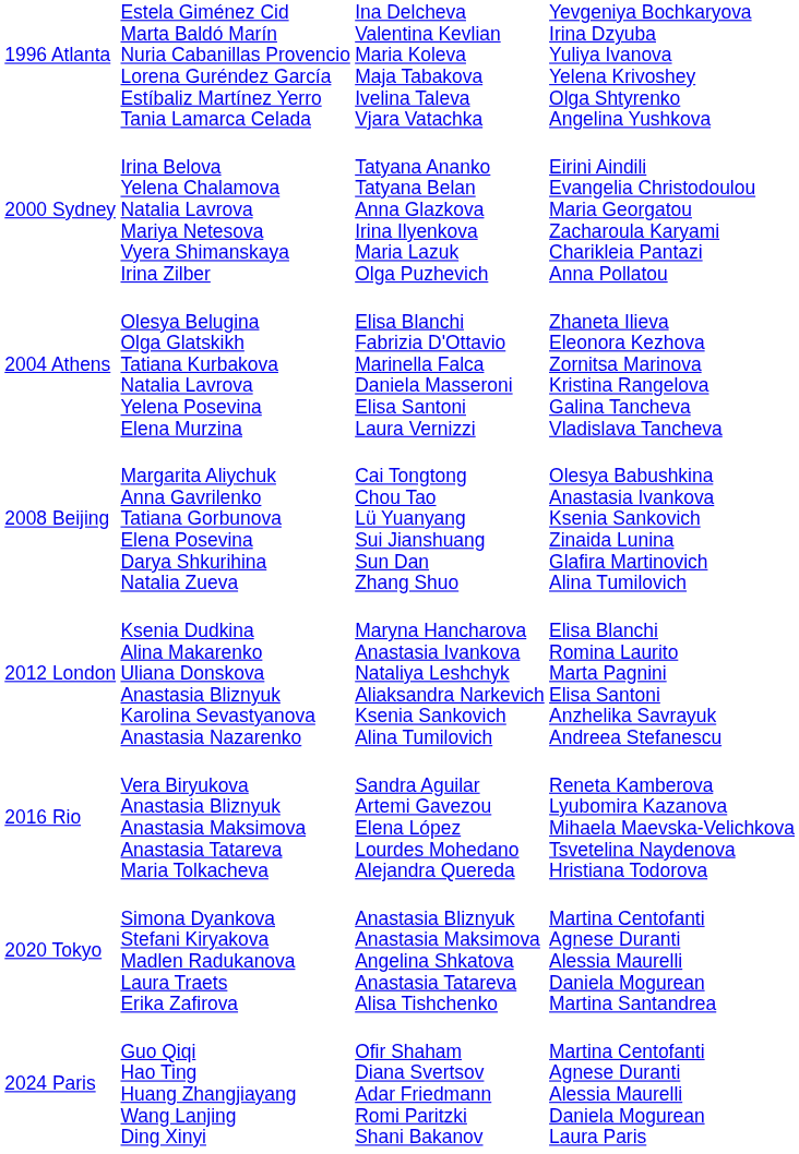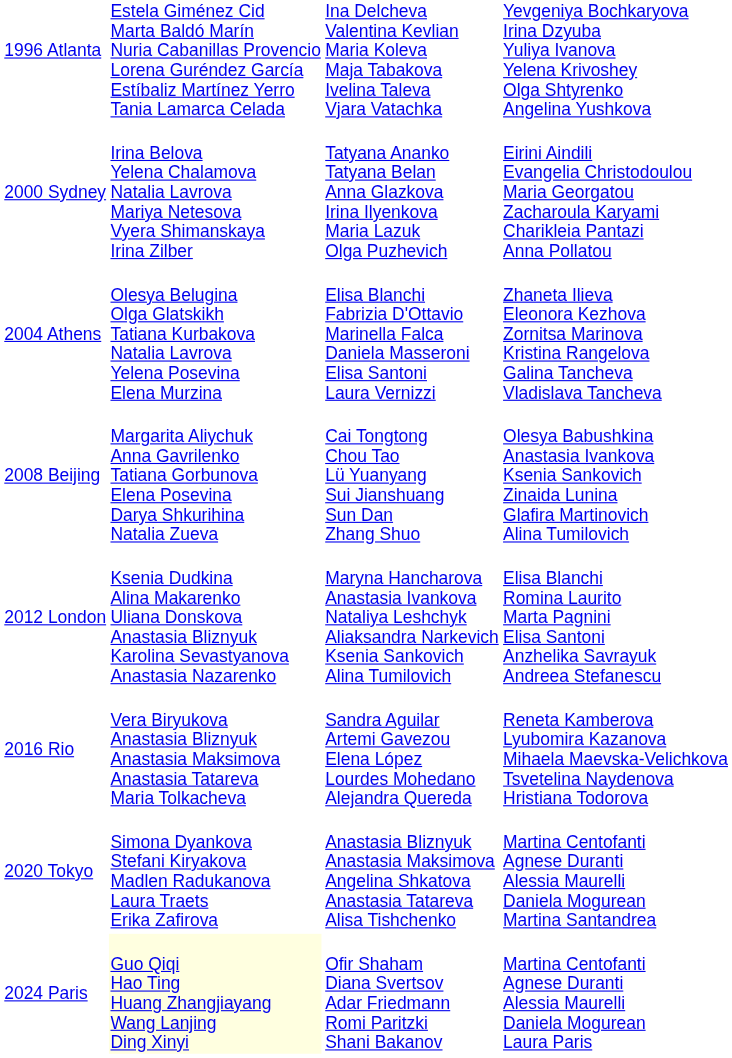 <table>
 <tr>
 <td><a href='#'>1996 Atlanta</a><br></td>
 <td><br><a href='#'>Estela Giménez Cid</a><br><a href='#'>Marta Baldó Marín</a><br><a href='#'>Nuria Cabanillas Provencio</a><br><a href='#'>Lorena Guréndez García</a><br><a href='#'>Estíbaliz Martínez Yerro</a><br><a href='#'>Tania Lamarca Celada</a></td>
 <td><br><a href='#'>Ina Delcheva</a><br><a href='#'>Valentina Kevlian</a><br><a href='#'>Maria Koleva</a><br><a href='#'>Maja Tabakova</a><br><a href='#'>Ivelina Taleva</a><br><a href='#'>Vjara Vatachka</a></td>
 <td><br><a href='#'>Yevgeniya Bochkaryova</a><br><a href='#'>Irina Dzyuba</a><br><a href='#'>Yuliya Ivanova</a><br><a href='#'>Yelena Krivoshey</a><br><a href='#'>Olga Shtyrenko</a><br><a href='#'>Angelina Yushkova</a></td>
 </tr>
 <tr>
 <td><a href='#'>2000 Sydney</a><br></td>
 <td><br><a href='#'>Irina Belova</a><br><a href='#'>Yelena Chalamova</a><br><a href='#'>Natalia Lavrova</a><br><a href='#'>Mariya Netesova</a><br><a href='#'>Vyera Shimanskaya</a><br><a href='#'>Irina Zilber</a></td>
 <td><br><a href='#'>Tatyana Ananko</a><br><a href='#'>Tatyana Belan</a><br><a href='#'>Anna Glazkova</a><br><a href='#'>Irina Ilyenkova</a><br><a href='#'>Maria Lazuk</a><br><a href='#'>Olga Puzhevich</a></td>
 <td><br><a href='#'>Eirini Aindili</a><br><a href='#'>Evangelia Christodoulou</a><br><a href='#'>Maria Georgatou</a><br><a href='#'>Zacharoula Karyami</a><br><a href='#'>Charikleia Pantazi</a><br><a href='#'>Anna Pollatou</a></td>
 </tr>
 <tr>
 <td><a href='#'>2004 Athens</a><br></td>
 <td><br><a href='#'>Olesya Belugina</a><br><a href='#'>Olga Glatskikh</a><br><a href='#'>Tatiana Kurbakova</a><br><a href='#'>Natalia Lavrova</a><br><a href='#'>Yelena Posevina</a><br><a href='#'>Elena Murzina</a></td>
 <td><br><a href='#'>Elisa Blanchi</a><br><a href='#'>Fabrizia D'Ottavio</a><br><a href='#'>Marinella Falca</a><br><a href='#'>Daniela Masseroni</a><br><a href='#'>Elisa Santoni</a><br><a href='#'>Laura Vernizzi</a></td>
 <td><br><a href='#'>Zhaneta Ilieva</a><br><a href='#'>Eleonora Kezhova</a><br><a href='#'>Zornitsa Marinova</a><br><a href='#'>Kristina Rangelova</a><br><a href='#'>Galina Tancheva</a><br><a href='#'>Vladislava Tancheva</a></td>
 </tr>
 <tr>
 <td><a href='#'>2008 Beijing</a><br></td>
 <td><br><a href='#'>Margarita Aliychuk</a><br><a href='#'>Anna Gavrilenko</a><br><a href='#'>Tatiana Gorbunova</a><br><a href='#'>Elena Posevina</a><br><a href='#'>Darya Shkurihina</a><br><a href='#'>Natalia Zueva</a></td>
 <td><br><a href='#'>Cai Tongtong</a><br><a href='#'>Chou Tao</a><br><a href='#'>Lü Yuanyang</a><br><a href='#'>Sui Jianshuang</a><br><a href='#'>Sun Dan</a><br><a href='#'>Zhang Shuo</a></td>
 <td><br><a href='#'>Olesya Babushkina</a><br><a href='#'>Anastasia Ivankova</a><br><a href='#'>Ksenia Sankovich</a><br><a href='#'>Zinaida Lunina</a><br><a href='#'>Glafira Martinovich</a><br><a href='#'>Alina Tumilovich</a></td>
 </tr>
 <tr>
 <td><a href='#'>2012 London</a><br></td>
 <td><br><a href='#'>Ksenia Dudkina</a><br><a href='#'>Alina Makarenko</a><br><a href='#'>Uliana Donskova</a><br><a href='#'>Anastasia Bliznyuk</a><br><a href='#'>Karolina Sevastyanova</a><br><a href='#'>Anastasia Nazarenko</a></td>
 <td><br><a href='#'>Maryna Hancharova</a><br><a href='#'>Anastasia Ivankova</a><br><a href='#'>Nataliya Leshchyk</a><br> <a href='#'>Aliaksandra Narkevich</a><br><a href='#'>Ksenia Sankovich</a><br><a href='#'>Alina Tumilovich</a></td>
 <td><br><a href='#'>Elisa Blanchi</a><br><a href='#'>Romina Laurito</a><br><a href='#'>Marta Pagnini</a><br><a href='#'>Elisa Santoni</a><br><a href='#'>Anzhelika Savrayuk</a><br><a href='#'>Andreea Stefanescu</a></td>
 </tr>
 <tr>
 <td><a href='#'>2016 Rio</a><br></td>
 <td><br><a href='#'>Vera Biryukova</a><br><a href='#'>Anastasia Bliznyuk</a><br><a href='#'>Anastasia Maksimova</a><br><a href='#'>Anastasia Tatareva</a><br><a href='#'>Maria Tolkacheva</a></td>
 <td><br><a href='#'>Sandra Aguilar</a><br><a href='#'>Artemi Gavezou</a><br><a href='#'>Elena López</a><br><a href='#'>Lourdes Mohedano</a><br><a href='#'>Alejandra Quereda</a></td>
 <td><br><a href='#'>Reneta Kamberova</a><br><a href='#'>Lyubomira Kazanova</a><br><a href='#'>Mihaela Maevska-Velichkova</a><br><a href='#'>Tsvetelina Naydenova</a><br><a href='#'>Hristiana Todorova</a></td>
 </tr>
 <tr>
 <td><a href='#'>2020 Tokyo</a><br></td>
 <td><br><a href='#'>Simona Dyankova</a><br><a href='#'>Stefani Kiryakova</a><br><a href='#'>Madlen Radukanova</a><br><a href='#'>Laura Traets</a><br><a href='#'>Erika Zafirova</a></td>
 <td><br><a href='#'>Anastasia Bliznyuk</a><br><a href='#'>Anastasia Maksimova</a><br><a href='#'>Angelina Shkatova</a><br><a href='#'>Anastasia Tatareva</a><br><a href='#'>Alisa Tishchenko</a></td>
 <td><br><a href='#'>Martina Centofanti</a><br><a href='#'>Agnese Duranti</a><br><a href='#'>Alessia Maurelli</a><br><a href='#'>Daniela Mogurean</a><br><a href='#'>Martina Santandrea</a></td>
 </tr>
 <tr>
 <td><a href='#'>2024 Paris</a><br></td>
-<td><br><a href='#'>Guo Qiqi</a><br><a href='#'>Hao Ting</a><br><a href='#'>Huang Zhangjiayang</a><br><a href='#'>Wang Lanjing</a><br><a href='#'>Ding Xinyi</a></td>
+<td style="background: lightyellow;"><br><a href='#'>Guo Qiqi</a><br><a href='#'>Hao Ting</a><br><a href='#'>Huang Zhangjiayang</a><br><a href='#'>Wang Lanjing</a><br><a href='#'>Ding Xinyi</a></td>
 <td><br><a href='#'>Ofir Shaham</a><br><a href='#'>Diana Svertsov</a><br><a href='#'>Adar Friedmann</a><br><a href='#'>Romi Paritzki</a><br><a href='#'>Shani Bakanov</a></td>
 <td><br><a href='#'>Martina Centofanti</a><br><a href='#'>Agnese Duranti</a><br><a href='#'>Alessia Maurelli</a><br><a href='#'>Daniela Mogurean</a><br><a href='#'>Laura Paris</a></td>
 </tr>
 <tr>
 </tr>
 </table>
